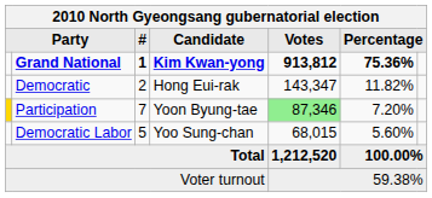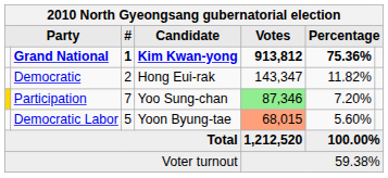 <table class="wikitable">
 <tr>
 <th colspan="7">2010 North Gyeongsang gubernatorial election</th>
 </tr>
 <tr>
 <th style="background-color:#E9E9E9" colspan=2>Party</th>
 <th style="background-color:#E9E9E9">#</th>
 <th style="background-color:#E9E9E9">Candidate</th>
 <th style="background-color:#E9E9E9">Votes</th>
 <th style="background-color:#E9E9E9" colspan=2>Percentage</th>
 </tr>
 <tr style="font-weight:bold">
 <td></td>
 <td align=left><a href='#'>Grand National</a></td>
 <td align=center>1</td>
 <td align=left><a href='#'>Kim Kwan-yong</a></td>
 <td align=right>913,812</td>
 <td align=right>75.36%</td>
 <td align=right></td>
 </tr>
 <tr>
 <td></td>
 <td align=left><a href='#'>Democratic</a></td>
 <td align=center>2</td>
 <td align=left>Hong Eui-rak</td>
 <td align=right>143,347</td>
 <td align=right>11.82%</td>
 <td align=right></td>
 </tr>
 <tr>
 <td bgcolor="#FFD800"></td>
 <td align=left><a href='#'>Participation</a></td>
 <td align=center>7</td>
-<td align=left>Yoon Byung-tae</td>
+<td align=left>Yoo Sung-chan</td>
 <td align=right style="background: lightgreen;">87,346</td>
 <td align=right>7.20%</td>
 <td align=right></td>
 </tr>
 <tr>
 <td></td>
 <td align=left><a href='#'>Democratic Labor</a></td>
 <td align=center>5</td>
-<td align=left>Yoo Sung-chan</td>
-<td align=right>68,015</td>
+<td align=left>Yoon Byung-tae</td>
+<td align=right style="background: lightsalmon;">68,015</td>
 <td align=right>5.60%</td>
 <td align=right></td>
 </tr>
 <tr bgcolor="#EEEEEE" style="font-weight:bold">
 <td colspan="4" align=right>Total</td>
 <td align=right>1,212,520</td>
 <td align=right colspan=2>100.00%</td>
 </tr>
 <tr bgcolor="#EEEEEE">
 <td colspan="4" align="right">Voter turnout</td>
 <td colspan="3" align="right">59.38%</td>
 </tr>
 </table>
